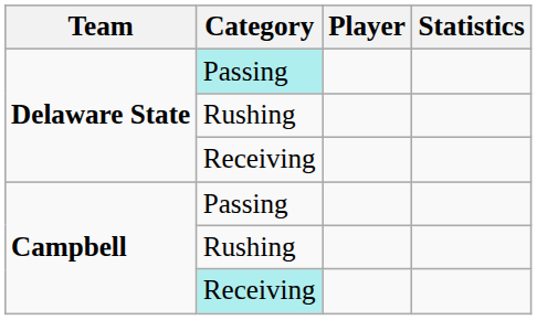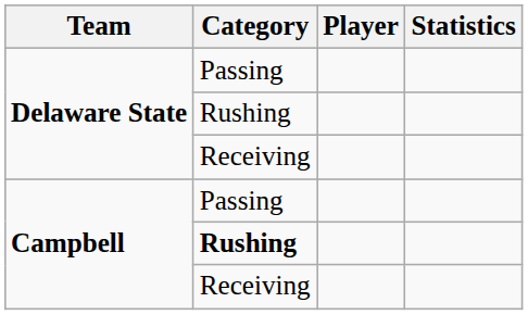 <table class="wikitable" style="float: right;">
 <tr>
 <th>Team</th>
 <th>Category</th>
 <th>Player</th>
 <th>Statistics</th>
 </tr>
 <tr>
 <td rowspan=3><strong>Delaware State</strong></td>
-<td style="background: paleturquoise;">Passing</td>
+<td>Passing</td>
 <td></td>
 <td></td>
 </tr>
 <tr>
 <td>Rushing</td>
 <td></td>
 <td></td>
 </tr>
 <tr>
 <td>Receiving</td>
 <td></td>
 <td></td>
 </tr>
 <tr>
 <td rowspan=3><strong>Campbell</strong></td>
 <td>Passing</td>
 <td></td>
 <td></td>
 </tr>
 <tr>
-<td>Rushing</td>
+<td><strong>Rushing</strong></td>
 <td></td>
 <td></td>
 </tr>
 <tr>
-<td style="background: paleturquoise;">Receiving</td>
+<td>Receiving</td>
 <td></td>
 <td></td>
 </tr>
 </table>
